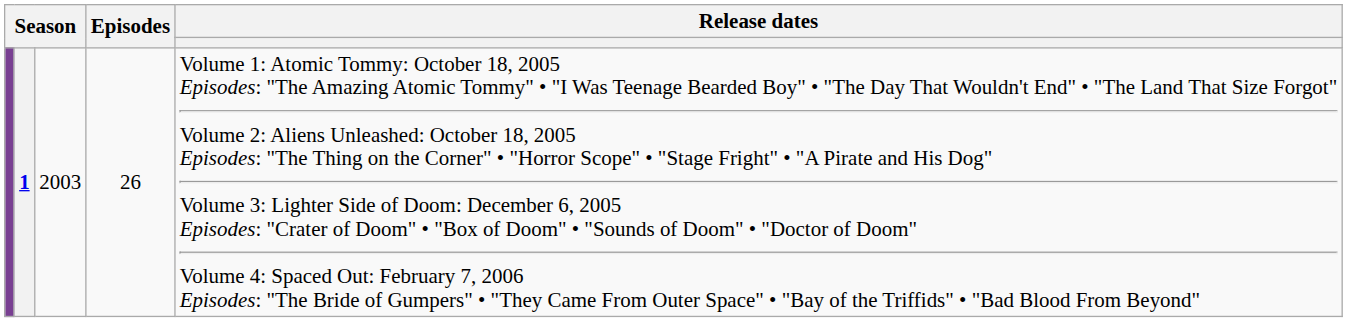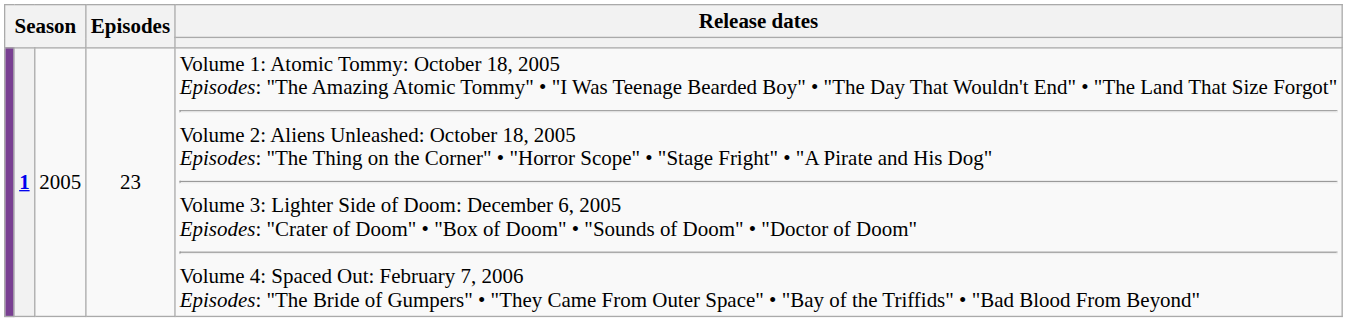 <table class="wikitable">
 <tr>
 <th colspan=3 rowspan=2>Season</th>
 <th rowspan=2>Episodes</th>
 <th>Release dates</th>
 </tr>
 <tr>
 <th></th>
 </tr>
 <tr>
 <th style="background:#793F92"></th>
 <th><a href='#'>1</a></th>
-<td style="text-align: center">2003</td>
-<td style="text-align: center">26</td>
+<td style="text-align: center">2005</td>
+<td style="text-align: center">23</td>
 <td>Volume 1: Atomic Tommy: October 18, 2005<br><em>Episodes</em>: "The Amazing Atomic Tommy" • "I Was Teenage Bearded Boy" • "The Day That Wouldn't End" • "The Land That Size Forgot"<hr>Volume 2: Aliens Unleashed: October 18, 2005<br><em>Episodes</em>: "The Thing on the Corner" • "Horror Scope" • "Stage Fright" • "A Pirate and His Dog"<hr>Volume 3: Lighter Side of Doom: December 6, 2005<br><em>Episodes</em>: "Crater of Doom" • "Box of Doom" • "Sounds of Doom" • "Doctor of Doom"<hr>Volume 4: Spaced Out: February 7, 2006<br><em>Episodes</em>: "The Bride of Gumpers" • "They Came From Outer Space" • "Bay of the Triffids" • "Bad Blood From Beyond"</td>
 </tr>
 </table>
